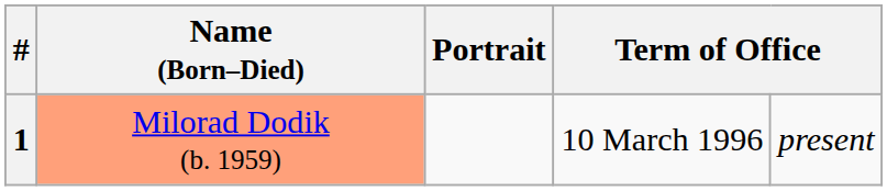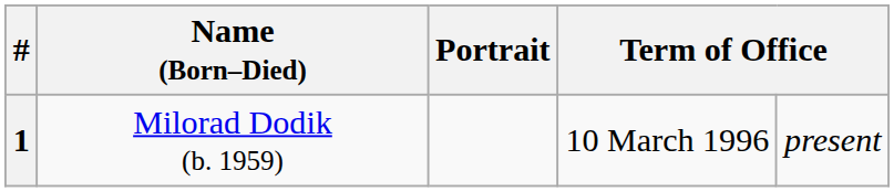 <table class="wikitable" style="text-align:center">
 <tr ->
 <th>#</th>
 <th width=180>Name<br><small>(Born–Died)</small></th>
 <th>Portrait</th>
 <th colspan=2>Term of Office</th>
 </tr>
 <tr ->
 <th align=center style="background: ">1</th>
-<td style="background: lightsalmon;"><a href='#'>Milorad Dodik</a><br><small>(b. 1959)</small></td>
+<td><a href='#'>Milorad Dodik</a><br><small>(b. 1959)</small></td>
 <td></td>
 <td>10 March 1996</td>
 <td><em>present</em></td>
 </tr>
 </table>
